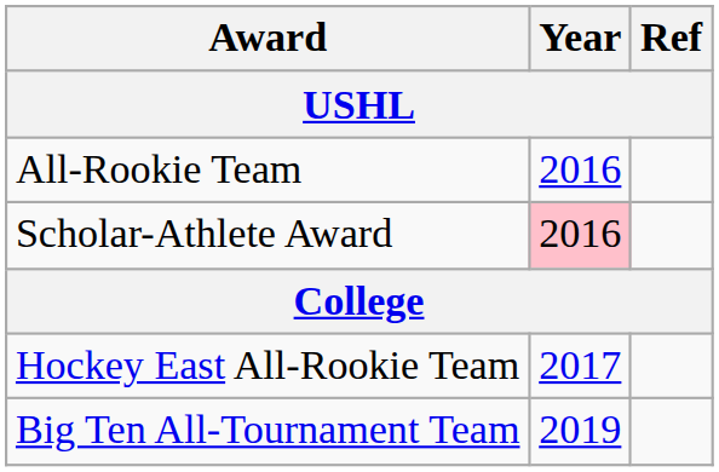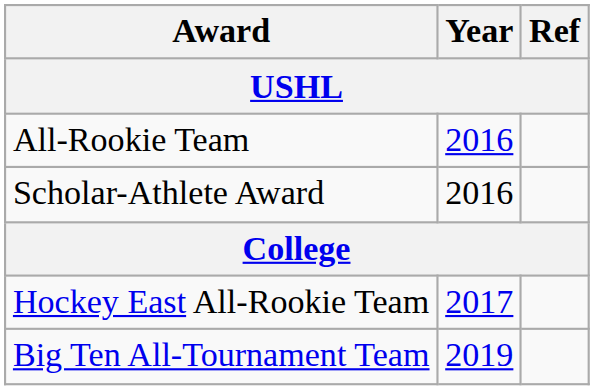 <table class="wikitable">
 <tr>
 <th>Award</th>
 <th>Year</th>
 <th>Ref</th>
 </tr>
 <tr>
 <th colspan="3"><a href='#'>USHL</a></th>
 </tr>
 <tr>
 <td>All-Rookie Team</td>
 <td><a href='#'>2016</a></td>
 <td></td>
 </tr>
 <tr>
 <td>Scholar-Athlete Award</td>
-<td style="background: pink;">2016</td>
+<td>2016</td>
 <td></td>
 </tr>
 <tr>
 <th colspan="3"><a href='#'>College</a></th>
 </tr>
 <tr>
 <td><a href='#'>Hockey East</a> All-Rookie Team</td>
 <td><a href='#'>2017</a></td>
 <td></td>
 </tr>
 <tr>
 <td><a href='#'>Big Ten All-Tournament Team</a></td>
 <td><a href='#'>2019</a></td>
 <td></td>
 </tr>
 </table>
